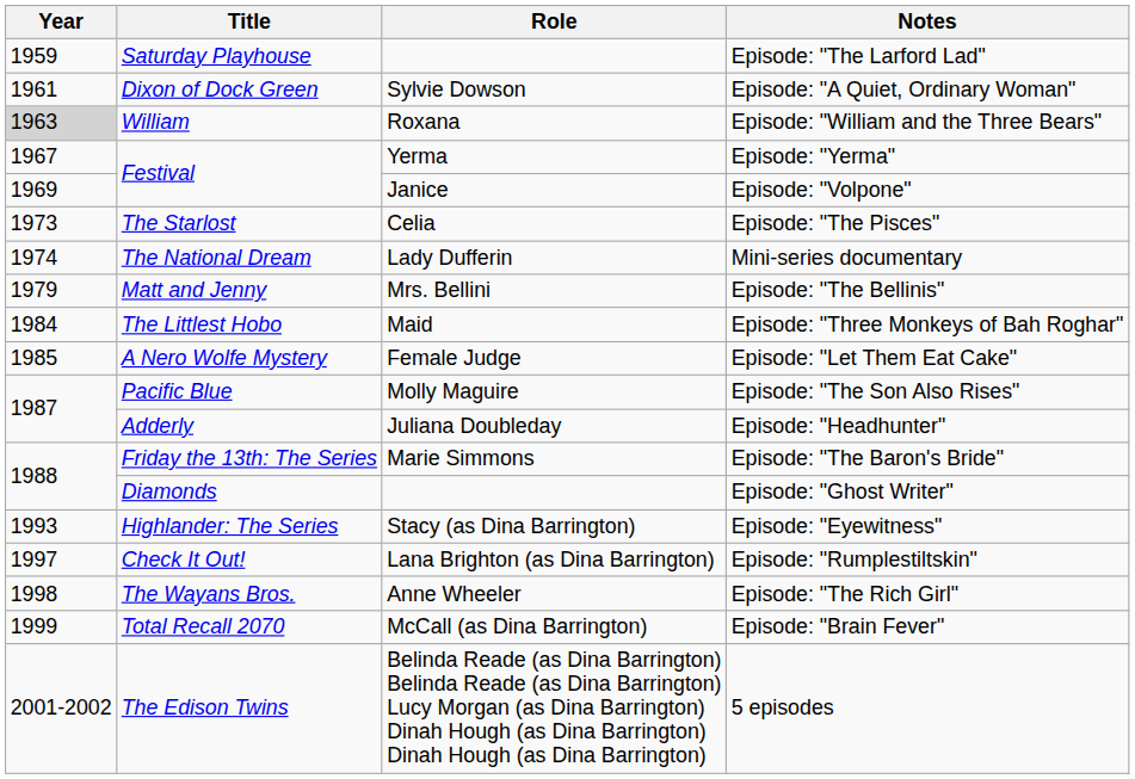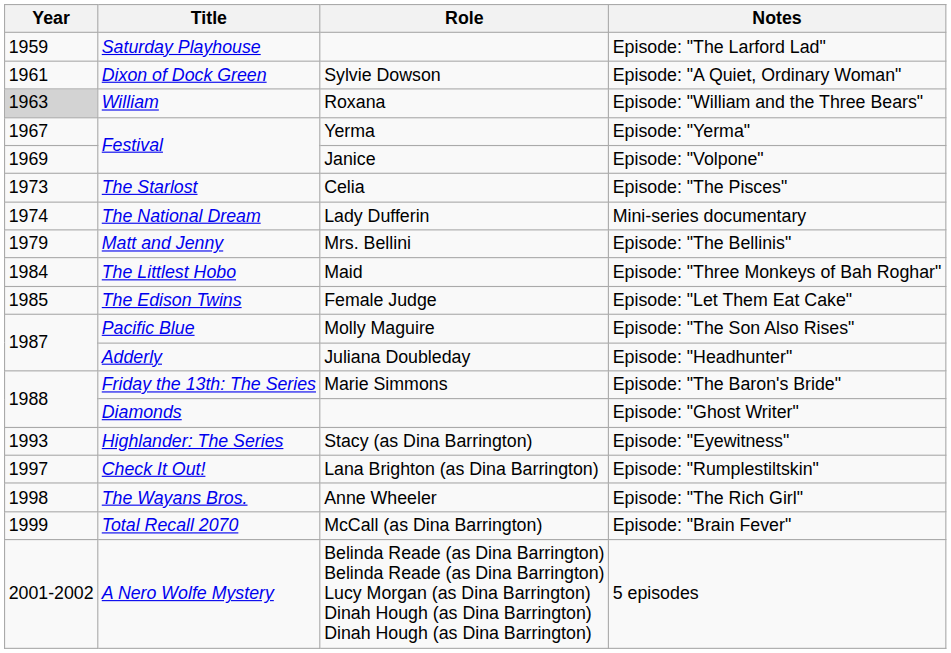 <table class="wikitable sortable">
 <tr>
 <th>Year</th>
 <th>Title</th>
 <th>Role</th>
 <th>Notes</th>
 </tr>
 <tr>
 <td>1959</td>
 <td><em><a href='#'>Saturday Playhouse</a></em></td>
 <td></td>
 <td>Episode: "The Larford Lad"</td>
 </tr>
 <tr>
 <td>1961</td>
 <td><em><a href='#'>Dixon of Dock Green</a></em></td>
 <td>Sylvie Dowson</td>
 <td>Episode: "A Quiet, Ordinary Woman"</td>
 </tr>
 <tr>
 <td style="background: lightgrey;">1963</td>
 <td><em><a href='#'>William</a></em></td>
 <td>Roxana</td>
 <td>Episode: "William and the Three Bears"</td>
 </tr>
 <tr>
 <td>1967</td>
 <td rowspan="2"><em><a href='#'>Festival</a></em></td>
 <td>Yerma</td>
 <td>Episode: "Yerma"</td>
 </tr>
 <tr>
 <td>1969</td>
 <td>Janice</td>
 <td>Episode: "Volpone"</td>
 </tr>
 <tr>
 <td>1973</td>
 <td><em><a href='#'>The Starlost</a></em></td>
 <td>Celia</td>
 <td>Episode: "The Pisces"</td>
 </tr>
 <tr>
 <td>1974</td>
 <td><em><a href='#'>The National Dream</a></em></td>
 <td>Lady Dufferin</td>
 <td>Mini-series documentary</td>
 </tr>
 <tr>
 <td>1979</td>
 <td><em><a href='#'>Matt and Jenny</a></em></td>
 <td>Mrs. Bellini</td>
 <td>Episode: "The Bellinis"</td>
 </tr>
 <tr>
 <td>1984</td>
 <td><em><a href='#'>The Littlest Hobo</a></em></td>
 <td>Maid</td>
 <td>Episode: "Three Monkeys of Bah Roghar"</td>
 </tr>
 <tr>
 <td>1985</td>
-<td><em><a href='#'>A Nero Wolfe Mystery</a></em></td>
+<td><em><a href='#'>The Edison Twins</a></em></td>
 <td>Female Judge</td>
 <td>Episode: "Let Them Eat Cake"</td>
 </tr>
 <tr>
 <td rowspan="2">1987</td>
 <td><em><a href='#'>Pacific Blue</a></em></td>
 <td>Molly Maguire</td>
 <td>Episode: "The Son Also Rises"</td>
 </tr>
 <tr>
 <td><em><a href='#'>Adderly</a></em></td>
 <td>Juliana Doubleday</td>
 <td>Episode: "Headhunter"</td>
 </tr>
 <tr>
 <td rowspan="2">1988</td>
 <td><em><a href='#'>Friday the 13th: The Series</a></em></td>
 <td>Marie Simmons</td>
 <td>Episode: "The Baron's Bride"</td>
 </tr>
 <tr>
 <td><em><a href='#'>Diamonds</a></em></td>
 <td></td>
 <td>Episode: "Ghost Writer"</td>
 </tr>
 <tr>
 <td>1993</td>
 <td><em><a href='#'>Highlander: The Series</a></em></td>
 <td>Stacy (as Dina Barrington)</td>
 <td>Episode: "Eyewitness"</td>
 </tr>
 <tr>
 <td>1997</td>
 <td><em><a href='#'>Check It Out!</a></em></td>
 <td>Lana Brighton (as Dina Barrington)</td>
 <td>Episode: "Rumplestiltskin"</td>
 </tr>
 <tr>
 <td>1998</td>
 <td><em><a href='#'>The Wayans Bros.</a></em></td>
 <td>Anne Wheeler</td>
 <td>Episode: "The Rich Girl"</td>
 </tr>
 <tr>
 <td>1999</td>
 <td><em><a href='#'>Total Recall 2070</a></em></td>
 <td>McCall (as Dina Barrington)</td>
 <td>Episode: "Brain Fever"</td>
 </tr>
 <tr>
 <td>2001-2002</td>
-<td><em><a href='#'>The Edison Twins</a></em></td>
+<td><em><a href='#'>A Nero Wolfe Mystery</a></em></td>
 <td>Belinda Reade (as Dina Barrington)<br>Belinda Reade (as Dina Barrington)<br>Lucy Morgan (as Dina Barrington)<br>Dinah Hough (as Dina Barrington)<br>Dinah Hough (as Dina Barrington)</td>
 <td>5 episodes</td>
 </tr>
 </table>
